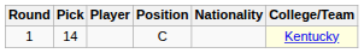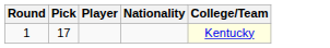 <table class="wikitable sortable">
 <tr>
 <th>Round</th>
 <th>Pick</th>
 <th>Player</th>
-<th>Position</th>
 <th>Nationality</th>
 <th>College/Team</th>
 </tr>
 <tr style="text-align: center">
 <td>1</td>
-<td>14</td>
+<td>17</td>
 <td></td>
-<td>C</td>
 <td></td>
 <td style="background: lightyellow;"><a href='#'>Kentucky</a></td>
 </tr>
 </table>
